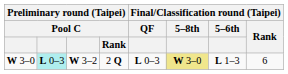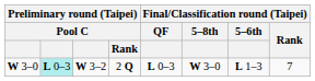 <table class="wikitable" style="font-size:100%;">
 <tr>
 <th colspan=4>Preliminary round  (Taipei)</th>
 <th colspan=4>Final/Classification round (Taipei)</th>
 </tr>
 <tr>
 <th colspan=4>Pool C</th>
 <th>QF</th>
 <th>5–8th</th>
 <th>5–6th</th>
 <th rowspan=2>Rank</th>
 </tr>
 <tr>
 <th></th>
 <th></th>
 <th></th>
 <th>Rank</th>
 <th></th>
 <th></th>
 <th></th>
 </tr>
 <tr align=center>
 <td><strong>W</strong> 3–0</td>
 <td style="background: paleturquoise;"><strong>L</strong> 0–3</td>
 <td><strong>W</strong> 3–2</td>
 <td>2 <strong>Q</strong></td>
 <td><strong>L</strong> 0–3</td>
-<td style="background: khaki;"><strong>W</strong> 3–0</td>
+<td><strong>W</strong> 3–0</td>
 <td><strong>L</strong> 1–3</td>
-<td>6</td>
+<td>7</td>
 </tr>
 </table>
